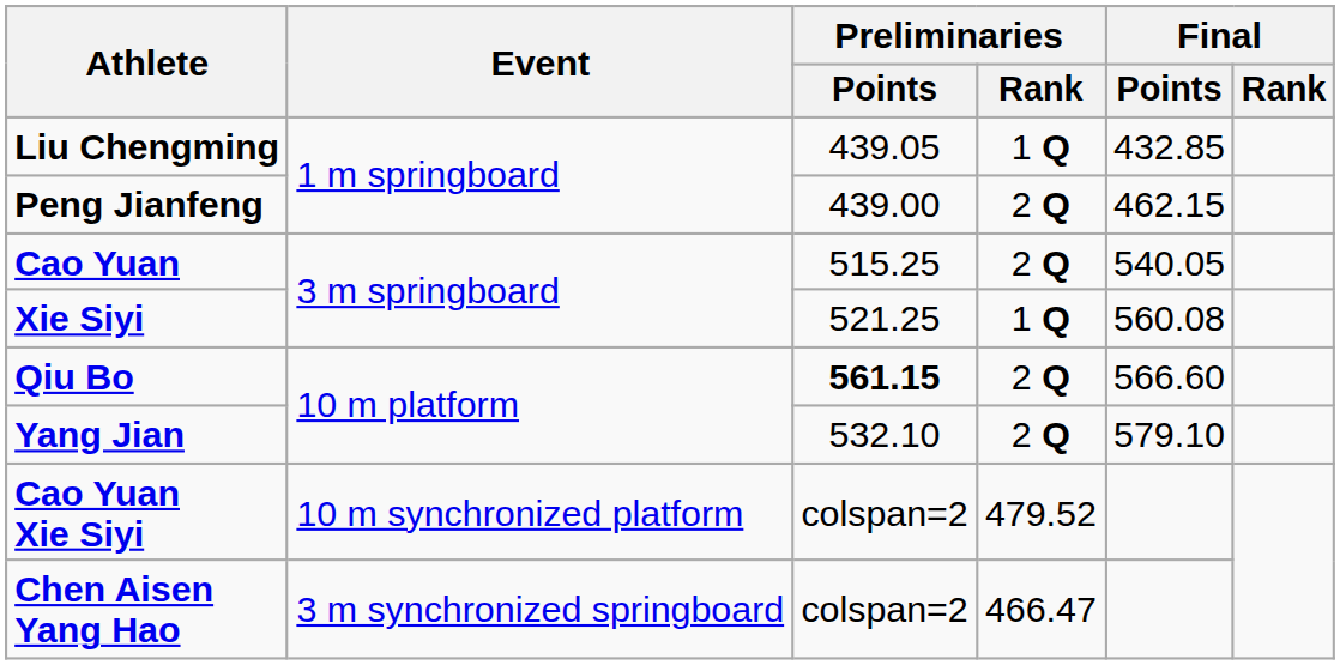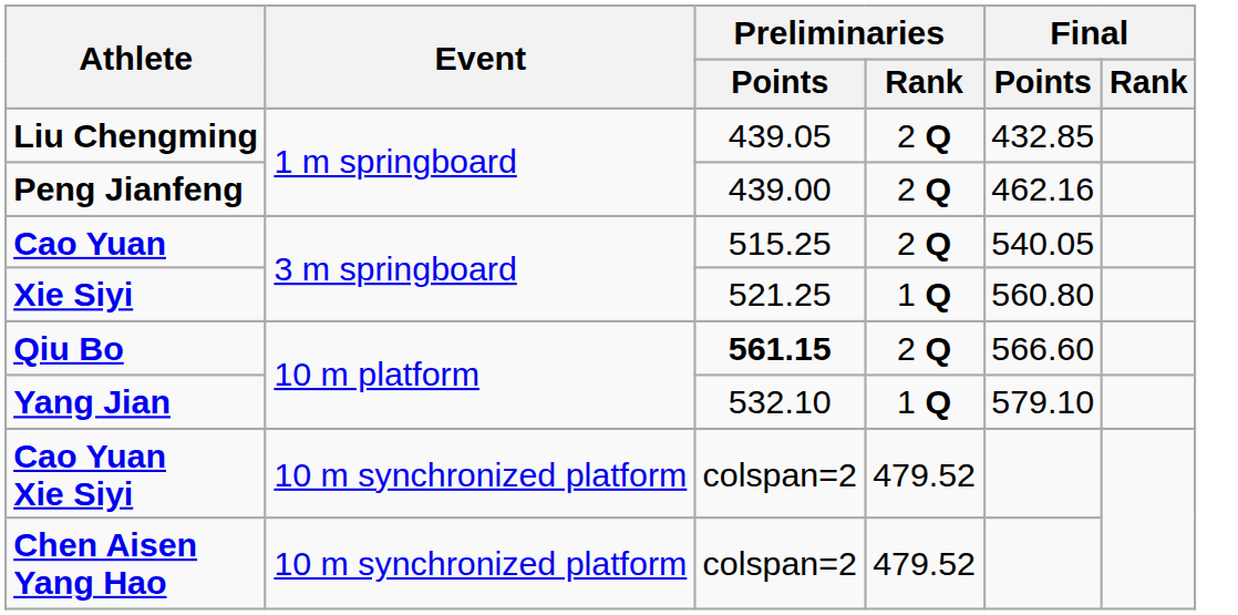 <table class=wikitable style=font-size:90%;text-align:center>
 <tr>
 <th rowspan="2">Athlete</th>
 <th rowspan="2">Event</th>
 <th colspan="2">Preliminaries</th>
 <th colspan="2">Final</th>
 </tr>
 <tr style="font-size:95%">
 <th>Points</th>
 <th>Rank</th>
 <th>Points</th>
 <th>Rank</th>
 </tr>
 <tr>
 <td align=left><strong>Liu Chengming</strong></td>
 <td align=left rowspan=2><a href='#'>1 m springboard</a></td>
 <td>439.05</td>
-<td>1 <strong>Q</strong></td>
+<td>2 <strong>Q</strong></td>
 <td>432.85</td>
 <td></td>
 </tr>
 <tr>
 <td align=left><strong>Peng Jianfeng</strong></td>
 <td>439.00</td>
 <td>2 <strong>Q</strong></td>
-<td>462.15</td>
+<td>462.16</td>
 <td></td>
 </tr>
 <tr>
 <td align=left><strong><a href='#'>Cao Yuan</a></strong></td>
 <td align=left rowspan=2><a href='#'>3 m springboard</a></td>
 <td>515.25</td>
 <td>2 <strong>Q</strong></td>
 <td>540.05</td>
 <td></td>
 </tr>
 <tr>
 <td align=left><strong><a href='#'>Xie Siyi</a></strong></td>
 <td>521.25</td>
 <td>1 <strong>Q</strong></td>
-<td>560.08</td>
+<td>560.80</td>
 <td></td>
 </tr>
 <tr>
 <td align=left><strong><a href='#'>Qiu Bo</a></strong></td>
 <td align=left rowspan=2><a href='#'>10 m platform</a></td>
 <td><strong>561.15</strong></td>
 <td>2 <strong>Q</strong></td>
 <td>566.60</td>
 <td></td>
 </tr>
 <tr>
 <td align=left><strong><a href='#'>Yang Jian</a></strong></td>
 <td>532.10</td>
-<td>2 <strong>Q</strong></td>
+<td>1 <strong>Q</strong></td>
 <td>579.10</td>
 <td></td>
 </tr>
 <tr>
 <td align=left><strong><a href='#'>Cao Yuan</a><br><a href='#'>Xie Siyi</a></strong></td>
 <td align=left><a href='#'>10 m synchronized platform</a></td>
 <td>colspan=2 </td>
 <td>479.52</td>
 <td></td>
 </tr>
 <tr>
 <td align=left><strong><a href='#'>Chen Aisen</a><br><a href='#'>Yang Hao</a></strong></td>
-<td align=left><a href='#'>3 m synchronized springboard</a></td>
+<td align=left><a href='#'>10 m synchronized platform</a></td>
 <td>colspan=2 </td>
-<td>466.47</td>
+<td>479.52</td>
 <td></td>
 </tr>
 </table>
